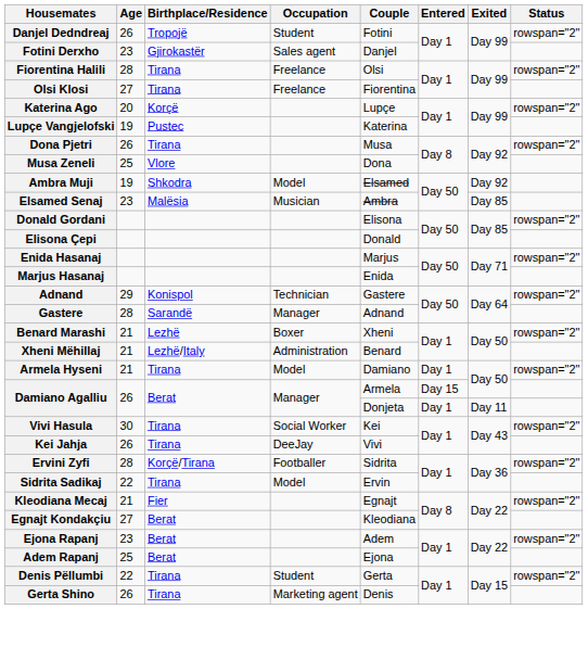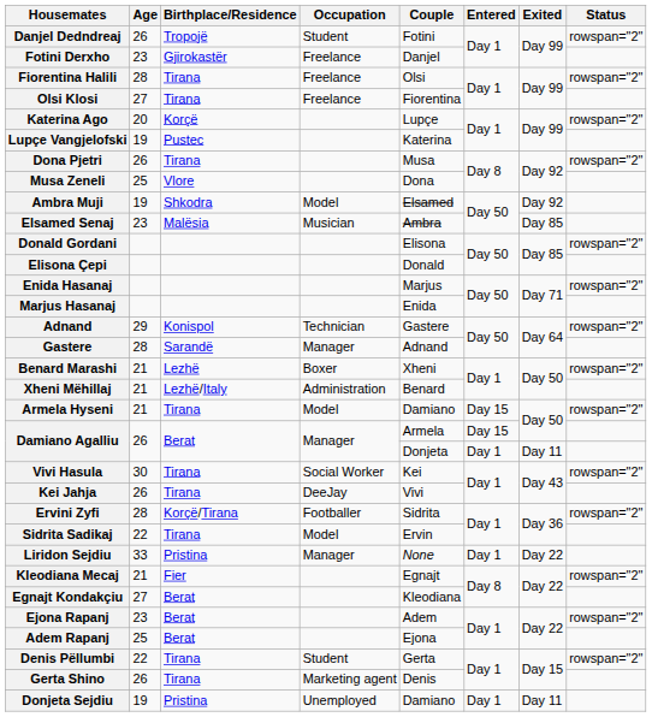 <table class="wikitable sortable" style="text-align:left;">
 <tr>
 <th>Housemates</th>
 <th>Age</th>
 <th>Birthplace/Residence</th>
 <th>Occupation</th>
 <th>Couple</th>
 <th>Entered</th>
 <th>Exited</th>
 <th>Status</th>
 </tr>
 <tr>
 <th>Danjel Dedndreaj</th>
 <td>26</td>
 <td><a href='#'>Tropojë</a></td>
 <td>Student</td>
 <td>Fotini</td>
 <td rowspan="2">Day 1</td>
 <td rowspan="2">Day 99</td>
 <td>rowspan="2" </td>
 </tr>
 <tr>
 <th>Fotini Derxho</th>
 <td>23</td>
 <td><a href='#'>Gjirokastër</a></td>
-<td>Sales agent</td>
+<td>Freelance</td>
 <td>Danjel</td>
 </tr>
 <tr>
 <th>Fiorentina Halili</th>
 <td>28</td>
 <td><a href='#'>Tirana</a></td>
 <td>Freelance</td>
 <td>Olsi</td>
 <td rowspan="2">Day 1</td>
 <td rowspan="2">Day 99</td>
 <td>rowspan="2" </td>
 </tr>
 <tr>
 <th>Olsi Klosi</th>
 <td>27</td>
 <td><a href='#'>Tirana</a></td>
 <td>Freelance</td>
 <td>Fiorentina</td>
 </tr>
 <tr>
 <th>Katerina Ago</th>
 <td>20</td>
 <td><a href='#'>Korçë</a></td>
 <td></td>
 <td>Lupçe</td>
 <td rowspan="2">Day 1</td>
 <td rowspan="2">Day 99</td>
 <td>rowspan="2" </td>
 </tr>
 <tr>
 <th>Lupçe Vangjelofski</th>
 <td>19</td>
 <td><a href='#'>Pustec</a></td>
 <td></td>
 <td>Katerina</td>
 </tr>
 <tr>
 <th>Dona Pjetri</th>
 <td>26</td>
 <td><a href='#'>Tirana</a></td>
 <td></td>
 <td>Musa</td>
 <td rowspan="2">Day 8</td>
 <td rowspan="2">Day 92</td>
 <td>rowspan="2" </td>
 </tr>
 <tr>
 <th>Musa Zeneli</th>
 <td>25</td>
 <td><a href='#'>Vlore</a></td>
 <td></td>
 <td>Dona</td>
 </tr>
 <tr>
 <th>Ambra Muji</th>
 <td>19</td>
 <td><a href='#'>Shkodra</a></td>
 <td>Model</td>
 <td><s>Elsamed</s></td>
 <td rowspan="2">Day 50</td>
 <td>Day 92</td>
 <td></td>
 </tr>
 <tr>
 <th>Elsamed Senaj</th>
 <td>23</td>
 <td><a href='#'>Malësia</a></td>
 <td>Musician</td>
 <td><s>Ambra</s></td>
 <td>Day 85</td>
 <td></td>
 </tr>
 <tr>
 <th>Donald Gordani</th>
 <td></td>
 <td></td>
 <td></td>
 <td>Elisona</td>
 <td rowspan="2">Day 50</td>
 <td rowspan="2">Day 85</td>
 <td>rowspan="2" </td>
 </tr>
 <tr>
 <th>Elisona Çepi</th>
 <td></td>
 <td></td>
 <td></td>
 <td>Donald</td>
 </tr>
 <tr>
 <th>Enida Hasanaj</th>
 <td></td>
 <td></td>
 <td></td>
 <td>Marjus</td>
 <td rowspan="2">Day 50</td>
 <td rowspan="2">Day 71</td>
 <td>rowspan="2" </td>
 </tr>
 <tr>
 <th>Marjus Hasanaj</th>
 <td></td>
 <td></td>
 <td></td>
 <td>Enida</td>
 </tr>
 <tr>
 <th>Adnand</th>
 <td>29</td>
 <td><a href='#'>Konispol</a></td>
 <td>Technician</td>
 <td>Gastere</td>
 <td rowspan="2">Day 50</td>
 <td rowspan="2">Day 64</td>
 <td>rowspan="2" </td>
 </tr>
 <tr>
 <th>Gastere</th>
 <td>28</td>
 <td><a href='#'>Sarandë</a></td>
 <td>Manager</td>
 <td>Adnand</td>
 </tr>
 <tr>
 <th>Benard Marashi</th>
 <td>21</td>
 <td><a href='#'>Lezhë</a></td>
 <td>Boxer</td>
 <td>Xheni</td>
 <td rowspan="2">Day 1</td>
 <td rowspan="2">Day 50</td>
 <td>rowspan="2" </td>
 </tr>
 <tr>
 <th>Xheni Mëhillaj</th>
 <td>21</td>
 <td><a href='#'>Lezhë</a>/<a href='#'>Italy</a></td>
 <td>Administration</td>
 <td>Benard</td>
 </tr>
 <tr>
 <th>Armela Hyseni</th>
 <td>21</td>
 <td><a href='#'>Tirana</a></td>
 <td>Model</td>
 <td>Damiano</td>
-<td>Day 1</td>
+<td>Day 15</td>
 <td rowspan="2">Day 50</td>
 <td>rowspan="2" </td>
 </tr>
 <tr>
 <th rowspan="2">Damiano Agalliu</th>
 <td rowspan="2">26</td>
 <td rowspan="2"><a href='#'>Berat</a></td>
 <td rowspan="2">Manager</td>
 <td>Armela</td>
 <td>Day 15</td>
 </tr>
 <tr>
 <td>Donjeta</td>
 <td>Day 1</td>
 <td>Day 11</td>
 <td></td>
 </tr>
 <tr>
 <th>Vivi Hasula</th>
 <td>30</td>
 <td><a href='#'>Tirana</a></td>
 <td>Social Worker</td>
 <td>Kei</td>
 <td rowspan="2">Day 1</td>
 <td rowspan="2">Day 43</td>
 <td>rowspan="2" </td>
 </tr>
 <tr>
 <th>Kei Jahja</th>
 <td>26</td>
 <td><a href='#'>Tirana</a></td>
 <td>DeeJay</td>
 <td>Vivi</td>
 </tr>
 <tr>
 <th>Ervini Zyfi</th>
 <td>28</td>
 <td><a href='#'>Korçë</a>/<a href='#'>Tirana</a></td>
 <td>Footballer</td>
 <td>Sidrita</td>
 <td rowspan="2">Day 1</td>
 <td rowspan="2">Day 36</td>
 <td>rowspan="2" </td>
 </tr>
 <tr>
 <th>Sidrita Sadikaj</th>
 <td>22</td>
 <td><a href='#'>Tirana</a></td>
 <td>Model</td>
 <td>Ervin</td>
 </tr>
 <tr>
+<th>Liridon Sejdiu</th>
+<td>33</td>
+<td><a href='#'>Pristina</a></td>
+<td>Manager</td>
+<td><em>None</em></td>
+<td>Day 1</td>
+<td>Day 22</td>
+<td></td>
+</tr>
+<tr>
 <th>Kleodiana Mecaj</th>
 <td>21</td>
 <td><a href='#'>Fier</a></td>
 <td></td>
 <td>Egnajt</td>
 <td rowspan="2">Day 8</td>
 <td rowspan="2">Day 22</td>
 <td>rowspan="2" </td>
 </tr>
 <tr>
 <th>Egnajt Kondakçiu</th>
 <td>27</td>
 <td><a href='#'>Berat</a></td>
 <td></td>
 <td>Kleodiana</td>
 </tr>
 <tr>
 <th>Ejona Rapanj</th>
 <td>23</td>
 <td><a href='#'>Berat</a></td>
 <td></td>
 <td>Adem</td>
 <td rowspan="2">Day 1</td>
 <td rowspan="2">Day 22</td>
 <td>rowspan="2" </td>
 </tr>
 <tr>
 <th>Adem Rapanj</th>
 <td>25</td>
 <td><a href='#'>Berat</a></td>
 <td></td>
 <td>Ejona</td>
 </tr>
 <tr>
 <th>Denis Pëllumbi</th>
 <td>22</td>
 <td><a href='#'>Tirana</a></td>
 <td>Student</td>
 <td>Gerta</td>
 <td rowspan="2">Day 1</td>
 <td rowspan="2">Day 15</td>
 <td>rowspan="2" </td>
 </tr>
 <tr>
 <th>Gerta Shino</th>
 <td>26</td>
 <td><a href='#'>Tirana</a></td>
 <td>Marketing agent</td>
 <td>Denis</td>
 </tr>
+<tr>
+<th>Donjeta Sejdiu</th>
+<td>19</td>
+<td><a href='#'>Pristina</a></td>
+<td>Unemployed</td>
+<td>Damiano</td>
+<td>Day 1</td>
+<td>Day 11</td>
+<td></td>
+</tr>
 </table>
